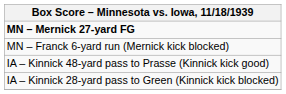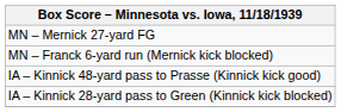 <table class="wikitable">
 <tr>
 <th>Box Score – Minnesota vs. Iowa, 11/18/1939</th>
 </tr>
 <tr>
-<td><strong>MN – Mernick 27-yard FG</strong></td>
+<td>MN – Mernick 27-yard FG</td>
 </tr>
 <tr>
 <td>MN – Franck 6-yard run (Mernick kick blocked)</td>
 </tr>
 <tr>
 <td>IA – Kinnick 48-yard pass to Prasse (Kinnick kick good)</td>
 </tr>
 <tr>
 <td>IA – Kinnick 28-yard pass to Green (Kinnick kick blocked)</td>
 </tr>
 <tr>
 </tr>
 </table>
